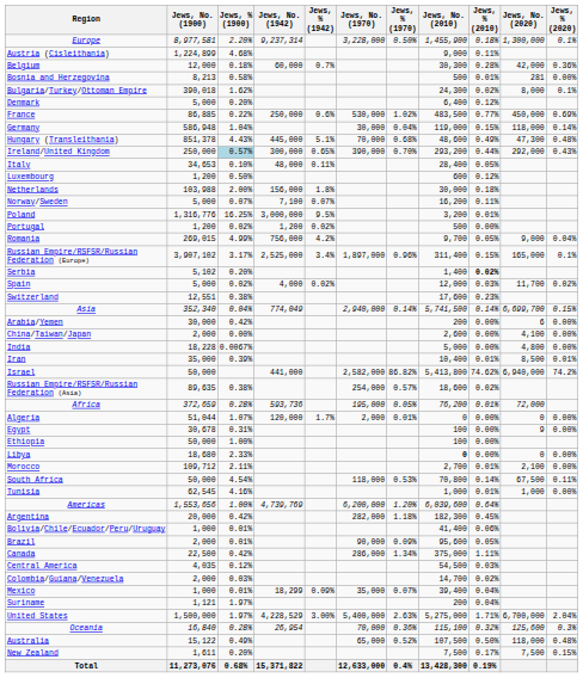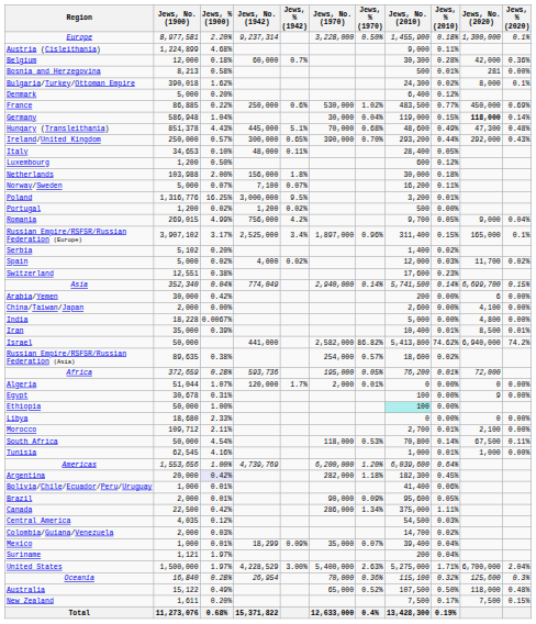 <table class="wikitable sortable mw-datatable" style="font-size: smaller; text-align: right; width: 100%;">
 <tr>
 <th>Region</th>
 <th data-sort-type="number">Jews, No.<br>(1900)</th>
 <th data-sort-type="number">Jews, %<br>(1900)</th>
 <th data-sort-type="number">Jews, No.<br>(1942)</th>
 <th data-sort-type="number">Jews, %<br>(1942)</th>
 <th data-sort-type="number">Jews, No.<br>(1970)</th>
 <th data-sort-type="number">Jews, %<br>(1970)</th>
 <th data-sort-type="number">Jews, No.<br>(2010)</th>
 <th data-sort-type="number">Jews, %<br>(2010)</th>
 <th data-sort-type="number">Jews, No.<br>(2020)</th>
 <th data-sort-type="number">Jews, %<br>(2020)</th>
 </tr>
 <tr>
 <td align="center"><em><a href='#'>Europe</a></em></td>
 <td><em>8,977,581</em></td>
 <td><em>2.20%</em></td>
 <td><em>9,237,314</em></td>
 <td></td>
 <td><em>3,228,000</em></td>
 <td><em>0.50%</em></td>
 <td><em>1,455,900</em></td>
 <td><em>0.18%</em></td>
 <td><em>1,300,000</em></td>
 <td><em>0.1%</em></td>
 </tr>
 <tr>
 <td align="left"><a href='#'>Austria</a> (<a href='#'>Cisleithania</a>)</td>
 <td>1,224,899</td>
 <td>4.68%</td>
 <td></td>
 <td></td>
 <td></td>
 <td></td>
 <td>9,000</td>
 <td>0.11%</td>
 <td></td>
 <td></td>
 </tr>
 <tr>
 <td align="left"><a href='#'>Belgium</a></td>
 <td>12,000</td>
 <td>0.18%</td>
 <td>60,000</td>
 <td>0.7%</td>
 <td></td>
 <td></td>
 <td>30,300</td>
 <td>0.28%</td>
 <td>42,000</td>
 <td>0.36%</td>
 </tr>
 <tr>
 <td align="left"><a href='#'>Bosnia and Herzegovina</a></td>
 <td>8,213</td>
 <td>0.58%</td>
 <td></td>
 <td></td>
 <td></td>
 <td></td>
 <td>500</td>
 <td>0.01%</td>
 <td>281</td>
 <td>0.00%</td>
 </tr>
 <tr>
 <td align="left"><a href='#'>Bulgaria</a>/<a href='#'>Turkey</a>/<a href='#'>Ottoman Empire</a></td>
 <td>390,018</td>
 <td>1.62%</td>
 <td></td>
 <td></td>
 <td></td>
 <td></td>
 <td>24,300</td>
 <td>0.02%</td>
 <td>8,000</td>
 <td>0.1%</td>
 </tr>
 <tr>
 <td align="left"><a href='#'>Denmark</a></td>
 <td>5,000</td>
 <td>0.20%</td>
 <td></td>
 <td></td>
 <td></td>
 <td></td>
 <td>6,400</td>
 <td>0.12%</td>
 <td></td>
 <td></td>
 </tr>
 <tr>
 <td align="left"><a href='#'>France</a></td>
 <td>86,885</td>
 <td>0.22%</td>
 <td>250,000</td>
 <td>0.6%</td>
 <td>530,000</td>
 <td>1.02%</td>
 <td>483,500</td>
 <td>0.77%</td>
 <td>450,000</td>
 <td>0.69%</td>
 </tr>
 <tr>
 <td align="left"><a href='#'>Germany</a></td>
 <td>586,948</td>
 <td>1.04%</td>
 <td></td>
 <td></td>
 <td>30,000</td>
 <td>0.04%</td>
 <td>119,000</td>
 <td>0.15%</td>
-<td>118,000</td>
+<td><strong>118,000</strong></td>
 <td>0.14%</td>
 </tr>
 <tr>
 <td align="left"><a href='#'>Hungary</a> (<a href='#'>Transleithania</a>)</td>
 <td>851,378</td>
 <td>4.43%</td>
 <td>445,000</td>
 <td>5.1%</td>
 <td>70,000</td>
 <td>0.68%</td>
 <td>48,600</td>
 <td>0.49%</td>
 <td>47,300</td>
 <td>0.48%</td>
 </tr>
 <tr>
 <td align="left"><a href='#'>Ireland</a>/<a href='#'>United Kingdom</a></td>
 <td>250,000</td>
-<td style="background: lightblue;">0.57%</td>
+<td>0.57%</td>
 <td>300,000</td>
 <td>0.65%</td>
 <td>390,000</td>
 <td>0.70%</td>
 <td>293,200</td>
 <td>0.44%</td>
 <td>292,000</td>
 <td>0.43%</td>
 </tr>
 <tr>
 <td align="left"><a href='#'>Italy</a></td>
 <td>34,653</td>
 <td>0.10%</td>
 <td>48,000</td>
 <td>0.11%</td>
 <td></td>
 <td></td>
 <td>28,400</td>
 <td>0.05%</td>
 <td></td>
 <td></td>
 </tr>
 <tr>
 <td align="left"><a href='#'>Luxembourg</a></td>
 <td>1,200</td>
 <td>0.50%</td>
 <td></td>
 <td></td>
 <td></td>
 <td></td>
 <td>600</td>
 <td>0.12%</td>
 <td></td>
 <td></td>
 </tr>
 <tr>
 <td align="left"><a href='#'>Netherlands</a></td>
 <td>103,988</td>
 <td>2.00%</td>
 <td>156,000</td>
 <td>1.8%</td>
 <td></td>
 <td></td>
 <td>30,000</td>
 <td>0.18%</td>
 <td></td>
 <td></td>
 </tr>
 <tr>
 <td align="left"><a href='#'>Norway</a>/<a href='#'>Sweden</a></td>
 <td>5,000</td>
 <td>0.07%</td>
 <td>7,100</td>
 <td>0.07%</td>
 <td></td>
 <td></td>
 <td>16,200</td>
 <td>0.11%</td>
 <td></td>
 <td></td>
 </tr>
 <tr>
 <td align="left"><a href='#'>Poland</a></td>
 <td>1,316,776</td>
 <td>16.25%</td>
 <td>3,000,000</td>
 <td>9.5%</td>
 <td></td>
 <td></td>
 <td>3,200</td>
 <td>0.01%</td>
 <td></td>
 <td></td>
 </tr>
 <tr>
 <td align="left"><a href='#'>Portugal</a></td>
 <td>1,200</td>
 <td>0.02%</td>
 <td>1,200</td>
 <td>0.02%</td>
 <td></td>
 <td></td>
 <td>500</td>
 <td>0.00%</td>
 <td></td>
 <td></td>
 </tr>
 <tr>
 <td align="left"><a href='#'>Romania</a></td>
 <td>269,015</td>
 <td>4.99%</td>
 <td>756,000</td>
 <td>4.2%</td>
 <td></td>
 <td></td>
 <td>9,700</td>
 <td>0.05%</td>
 <td>9,000</td>
 <td>0.04%</td>
 </tr>
 <tr>
 <td align="left"><a href='#'>Russian Empire/RSFSR/Russian Federation</a> <small>(Europe)</small></td>
 <td>3,907,102</td>
 <td>3.17%</td>
 <td>2,525,000</td>
 <td>3.4%</td>
 <td>1,897,000</td>
 <td>0.96%</td>
 <td>311,400</td>
 <td>0.15%</td>
 <td>165,000</td>
 <td>0.1%</td>
 </tr>
 <tr>
 <td align="left"><a href='#'>Serbia</a></td>
 <td>5,102</td>
 <td>0.20%</td>
 <td></td>
 <td></td>
 <td></td>
 <td></td>
 <td>1,400</td>
-<td><strong>0.02%</strong></td>
+<td>0.02%</td>
 <td></td>
 <td></td>
 </tr>
 <tr>
 <td align="left"><a href='#'>Spain</a></td>
 <td>5,000</td>
 <td>0.02%</td>
 <td>4,000</td>
 <td>0.02%</td>
 <td></td>
 <td></td>
 <td>12,000</td>
 <td>0.03%</td>
 <td>11,700</td>
 <td>0.02%</td>
 </tr>
 <tr>
 <td align="left"><a href='#'>Switzerland</a></td>
 <td>12,551</td>
 <td>0.38%</td>
 <td></td>
 <td></td>
 <td></td>
 <td></td>
 <td>17,600</td>
 <td>0.23%</td>
 <td></td>
 <td></td>
 </tr>
 <tr>
 <td align="center"><em><a href='#'>Asia</a></em></td>
 <td><em>352,340</em></td>
 <td><em>0.04%</em></td>
 <td><em>774,049</em></td>
 <td></td>
 <td><em>2,940,000</em></td>
 <td><em>0.14%</em></td>
 <td><em>5,741,500</em></td>
 <td><em>0.14%</em></td>
 <td><em>6,699,700</em></td>
 <td><em>0.15%</em></td>
 </tr>
 <tr>
 <td align="left"><a href='#'>Arabia</a>/<a href='#'>Yemen</a></td>
 <td>30,000</td>
 <td>0.42%</td>
 <td></td>
 <td></td>
 <td></td>
 <td></td>
 <td>200</td>
 <td>0.00%</td>
 <td>6</td>
 <td>0.00%</td>
 </tr>
 <tr>
 <td align="left"><a href='#'>China</a>/<a href='#'>Taiwan</a>/<a href='#'>Japan</a></td>
 <td>2,000</td>
 <td>0.00%</td>
 <td></td>
 <td></td>
 <td></td>
 <td></td>
 <td>2,600</td>
 <td>0.00%</td>
 <td>4,100</td>
 <td>0.00%</td>
 </tr>
 <tr>
 <td align="left"><a href='#'>India</a></td>
 <td>18,228</td>
 <td>0.0067%</td>
 <td></td>
 <td></td>
 <td></td>
 <td></td>
 <td>5,000</td>
 <td>0.00%</td>
 <td>4,800</td>
 <td>0.00%</td>
 </tr>
 <tr>
 <td align="left"><a href='#'>Iran</a></td>
 <td>35,000</td>
 <td>0.39%</td>
 <td></td>
 <td></td>
 <td></td>
 <td></td>
 <td>10,400</td>
 <td>0.01%</td>
 <td>8,500</td>
 <td>0.01%</td>
 </tr>
 <tr>
 <td align="left"><a href='#'>Israel</a></td>
 <td>50,000</td>
 <td></td>
 <td>441,000</td>
 <td></td>
 <td>2,582,000</td>
 <td>86.82%</td>
 <td>5,413,800</td>
 <td>74.62%</td>
 <td>6,940,000</td>
 <td>74.2%</td>
 </tr>
 <tr>
 <td align="left"><a href='#'>Russian Empire/RSFSR/Russian Federation</a> <small>(Asia)</small></td>
 <td>89,635</td>
 <td>0.38%</td>
 <td></td>
 <td></td>
 <td>254,000</td>
 <td>0.57%</td>
 <td>18,600</td>
 <td>0.02%</td>
 <td></td>
 <td></td>
 </tr>
 <tr>
 <td align="center"><em><a href='#'>Africa</a></em></td>
 <td><em>372,659</em></td>
 <td><em>0.28%</em></td>
 <td><em>593,736</em></td>
 <td></td>
 <td><em>195,000</em></td>
 <td><em>0.05%</em></td>
 <td><em>76,200</em></td>
 <td><em>0.01%</em></td>
 <td><em>72,000</em></td>
 <td></td>
 </tr>
 <tr>
 <td align="left"><a href='#'>Algeria</a></td>
 <td>51,044</td>
 <td>1.07%</td>
 <td>120,000</td>
 <td>1.7%</td>
 <td>2,000</td>
 <td>0.01%</td>
 <td>0</td>
 <td>0.00%</td>
 <td>0</td>
 <td>0.00%</td>
 </tr>
 <tr>
 <td align="left"><a href='#'>Egypt</a></td>
 <td>30,678</td>
 <td>0.31%</td>
 <td></td>
 <td></td>
 <td></td>
 <td></td>
 <td>100</td>
 <td>0.00%</td>
 <td>9</td>
 <td>0.00%</td>
 </tr>
 <tr>
 <td align="left"><a href='#'>Ethiopia</a></td>
 <td>50,000</td>
 <td>1.00%</td>
 <td></td>
 <td></td>
 <td></td>
 <td></td>
-<td>100</td>
+<td style="background: paleturquoise;">100</td>
 <td>0.00%</td>
 <td></td>
 <td></td>
 </tr>
 <tr>
 <td align="left"><a href='#'>Libya</a></td>
 <td>18,680</td>
 <td>2.33%</td>
 <td></td>
 <td></td>
 <td></td>
 <td></td>
-<td><strong>0</strong></td>
+<td>0</td>
 <td>0.00%</td>
 <td>0</td>
 <td>0.00%</td>
 </tr>
 <tr>
 <td align="left"><a href='#'>Morocco</a></td>
 <td>109,712</td>
 <td>2.11%</td>
 <td></td>
 <td></td>
 <td></td>
 <td></td>
 <td>2,700</td>
 <td>0.01%</td>
 <td>2,100</td>
 <td>0.00%</td>
 </tr>
 <tr>
 <td align="left"><a href='#'>South Africa</a></td>
 <td>50,000</td>
 <td>4.54%</td>
 <td></td>
 <td></td>
 <td>118,000</td>
 <td>0.53%</td>
 <td>70,800</td>
 <td>0.14%</td>
 <td>67,500</td>
 <td>0.11%</td>
 </tr>
 <tr>
 <td align="left"><a href='#'>Tunisia</a></td>
 <td>62,545</td>
 <td>4.16%</td>
 <td></td>
 <td></td>
 <td></td>
 <td></td>
 <td>1,000</td>
 <td>0.01%</td>
 <td>1,000</td>
 <td>0.00%</td>
 </tr>
 <tr>
 <td align="center"><em><a href='#'>Americas</a></em></td>
 <td><em>1,553,656</em></td>
 <td><em>1.00%</em></td>
 <td><em>4,739,769</em></td>
 <td></td>
 <td><em>6,200,000</em></td>
 <td><em>1.20%</em></td>
 <td><em>6,039,600</em></td>
 <td><em>0.64%</em></td>
 <td></td>
 <td></td>
 </tr>
 <tr>
 <td align="left"><a href='#'>Argentina</a></td>
 <td>20,000</td>
-<td>0.42%</td>
+<td style="background: lavender;">0.42%</td>
 <td></td>
 <td></td>
 <td>282,000</td>
 <td>1.18%</td>
 <td>182,300</td>
 <td>0.45%</td>
 <td></td>
 <td></td>
 </tr>
 <tr>
 <td align="left"><a href='#'>Bolivia</a>/<a href='#'>Chile</a>/<a href='#'>Ecuador</a>/<a href='#'>Peru</a>/<a href='#'>Uruguay</a></td>
 <td>1,000</td>
 <td>0.01%</td>
 <td></td>
 <td></td>
 <td></td>
 <td></td>
 <td>41,400</td>
 <td>0.06%</td>
 <td></td>
 <td></td>
 </tr>
 <tr>
 <td align="left"><a href='#'>Brazil</a></td>
 <td>2,000</td>
 <td>0.01%</td>
 <td></td>
 <td></td>
 <td>90,000</td>
 <td>0.09%</td>
 <td>95,600</td>
 <td>0.05%</td>
 <td></td>
 <td></td>
 </tr>
 <tr>
 <td align="left"><a href='#'>Canada</a></td>
 <td>22,500</td>
 <td>0.42%</td>
 <td></td>
 <td></td>
 <td>286,000</td>
 <td>1.34%</td>
 <td>375,000</td>
 <td>1.11%</td>
 <td></td>
 <td></td>
 </tr>
 <tr>
 <td align="left"><a href='#'>Central America</a></td>
 <td>4,035</td>
 <td>0.12%</td>
 <td></td>
 <td></td>
 <td></td>
 <td></td>
 <td>54,500</td>
 <td>0.03%</td>
 <td></td>
 <td></td>
 </tr>
 <tr>
 <td align="left"><a href='#'>Colombia</a>/<a href='#'>Guiana</a>/<a href='#'>Venezuela</a></td>
 <td>2,000</td>
 <td>0.03%</td>
 <td></td>
 <td></td>
 <td></td>
 <td></td>
 <td>14,700</td>
 <td>0.02%</td>
 <td></td>
 <td></td>
 </tr>
 <tr>
 <td align="left"><a href='#'>Mexico</a></td>
 <td>1,000</td>
 <td>0.01%</td>
 <td>18,299</td>
 <td>0.09%</td>
 <td>35,000</td>
 <td>0.07%</td>
 <td>39,400</td>
 <td>0.04%</td>
 <td></td>
 <td></td>
 </tr>
 <tr>
 <td align="left"><a href='#'>Suriname</a></td>
 <td>1,121</td>
 <td>1.97%</td>
 <td></td>
 <td></td>
 <td></td>
 <td></td>
 <td>200</td>
 <td>0.04%</td>
 <td></td>
 <td></td>
 </tr>
 <tr>
 <td align="left"><a href='#'>United States</a></td>
 <td>1,500,000</td>
 <td>1.97%</td>
 <td>4,228,529</td>
 <td>3.00%</td>
 <td>5,400,000</td>
 <td>2.63%</td>
 <td>5,275,000</td>
 <td>1.71%</td>
 <td>6,700,000</td>
 <td>2.04%</td>
 </tr>
 <tr>
 <td align="center"><em><a href='#'>Oceania</a></em></td>
 <td><em>16,840</em></td>
 <td><em>0.28%</em></td>
 <td><em>26,954</em></td>
 <td></td>
 <td><em>70,000</em></td>
 <td><em>0.36%</em></td>
 <td><em>115,100</em></td>
 <td><em>0.32%</em></td>
 <td><em>125,600</em></td>
 <td><em>0.3%</em></td>
 </tr>
 <tr>
 <td align="left"><a href='#'>Australia</a></td>
 <td>15,122</td>
 <td>0.49%</td>
 <td></td>
 <td></td>
 <td>65,000</td>
 <td>0.52%</td>
 <td>107,500</td>
 <td>0.50%</td>
 <td>118,000</td>
 <td>0.48%</td>
 </tr>
 <tr>
 <td align="left"><a href='#'>New Zealand</a></td>
 <td>1,611</td>
 <td>0.20%</td>
 <td></td>
 <td></td>
 <td></td>
 <td></td>
 <td>7,500</td>
 <td>0.17%</td>
 <td>7,500</td>
 <td>0.15%</td>
 </tr>
 <tr>
 <th>Total</th>
 <th>11,273,076</th>
 <th>0.68%</th>
 <th>15,371,822</th>
 <th></th>
 <th>12,633,000</th>
 <th>0.4%</th>
 <th>13,428,300</th>
 <th>0.19%</th>
 <th></th>
 <th></th>
 </tr>
 </table>
